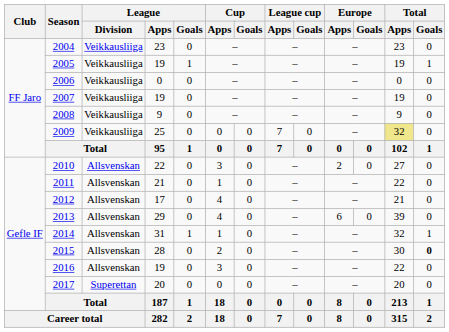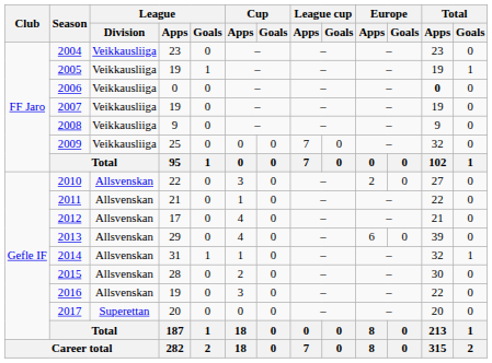 <table class="wikitable" style="text-align:center">
 <tr>
 <th rowspan="2">Club</th>
 <th rowspan="2">Season</th>
 <th colspan="3">League</th>
 <th colspan="2">Cup</th>
 <th colspan="2">League cup</th>
 <th colspan="2">Europe</th>
 <th colspan="2">Total</th>
 </tr>
 <tr>
 <th>Division</th>
 <th>Apps</th>
 <th>Goals</th>
 <th>Apps</th>
 <th>Goals</th>
 <th>Apps</th>
 <th>Goals</th>
 <th>Apps</th>
 <th>Goals</th>
 <th>Apps</th>
 <th>Goals</th>
 </tr>
 <tr>
 <td rowspan="7"><a href='#'>FF Jaro</a></td>
 <td><a href='#'>2004</a></td>
 <td><a href='#'>Veikkausliiga</a></td>
 <td>23</td>
 <td>0</td>
 <td colspan=2>–</td>
 <td colspan=2>–</td>
 <td colspan=2>–</td>
 <td>23</td>
 <td>0</td>
 </tr>
 <tr>
 <td><a href='#'>2005</a></td>
 <td>Veikkausliiga</td>
 <td>19</td>
 <td>1</td>
 <td colspan=2>–</td>
 <td colspan=2>–</td>
 <td colspan=2>–</td>
 <td>19</td>
 <td>1</td>
 </tr>
 <tr>
 <td><a href='#'>2006</a></td>
 <td>Veikkausliiga</td>
 <td>0</td>
 <td>0</td>
 <td colspan=2>–</td>
 <td colspan=2>–</td>
 <td colspan=2>–</td>
-<td>0</td>
+<td><strong>0</strong></td>
 <td>0</td>
 </tr>
 <tr>
 <td><a href='#'>2007</a></td>
 <td>Veikkausliiga</td>
 <td>19</td>
 <td>0</td>
 <td colspan=2>–</td>
 <td colspan=2>–</td>
 <td colspan=2>–</td>
 <td>19</td>
 <td>0</td>
 </tr>
 <tr>
 <td><a href='#'>2008</a></td>
 <td>Veikkausliiga</td>
 <td>9</td>
 <td>0</td>
 <td colspan=2>–</td>
 <td colspan=2>–</td>
 <td colspan=2>–</td>
 <td>9</td>
 <td>0</td>
 </tr>
 <tr>
 <td><a href='#'>2009</a></td>
 <td>Veikkausliiga</td>
 <td>25</td>
 <td>0</td>
 <td>0</td>
 <td>0</td>
 <td>7</td>
 <td>0</td>
 <td colspan=2>–</td>
-<td style="background: khaki;">32</td>
+<td>32</td>
 <td>0</td>
 </tr>
 <tr>
 <th colspan=2>Total</th>
 <th>95</th>
 <th>1</th>
 <th>0</th>
 <th>0</th>
 <th>7</th>
 <th>0</th>
 <th>0</th>
 <th>0</th>
 <th>102</th>
 <th>1</th>
 </tr>
 <tr>
 <td rowspan=9><a href='#'>Gefle IF</a></td>
 <td><a href='#'>2010</a></td>
 <td><a href='#'>Allsvenskan</a></td>
 <td>22</td>
 <td>0</td>
 <td>3</td>
 <td>0</td>
 <td colspan=2>–</td>
 <td>2</td>
 <td>0</td>
 <td>27</td>
 <td>0</td>
 </tr>
 <tr>
 <td><a href='#'>2011</a></td>
 <td>Allsvenskan</td>
 <td>21</td>
 <td>0</td>
 <td>1</td>
 <td>0</td>
 <td colspan=2>–</td>
 <td colspan=2>–</td>
 <td>22</td>
 <td>0</td>
 </tr>
 <tr>
 <td><a href='#'>2012</a></td>
 <td>Allsvenskan</td>
 <td>17</td>
 <td>0</td>
 <td>4</td>
 <td>0</td>
 <td colspan=2>–</td>
 <td colspan=2>–</td>
 <td>21</td>
 <td>0</td>
 </tr>
 <tr>
 <td><a href='#'>2013</a></td>
 <td>Allsvenskan</td>
 <td>29</td>
 <td>0</td>
 <td>4</td>
 <td>0</td>
 <td colspan=2>–</td>
 <td>6</td>
 <td>0</td>
 <td>39</td>
 <td>0</td>
 </tr>
 <tr>
 <td><a href='#'>2014</a></td>
 <td>Allsvenskan</td>
 <td>31</td>
 <td>1</td>
 <td>1</td>
 <td>0</td>
 <td colspan=2>–</td>
 <td colspan=2>–</td>
 <td>32</td>
 <td>1</td>
 </tr>
 <tr>
 <td><a href='#'>2015</a></td>
 <td>Allsvenskan</td>
 <td>28</td>
 <td>0</td>
 <td>2</td>
 <td>0</td>
 <td colspan=2>–</td>
 <td colspan=2>–</td>
 <td>30</td>
-<td><strong>0</strong></td>
+<td>0</td>
 </tr>
 <tr>
 <td><a href='#'>2016</a></td>
 <td>Allsvenskan</td>
 <td>19</td>
 <td>0</td>
 <td>3</td>
 <td>0</td>
 <td colspan=2>–</td>
 <td colspan=2>–</td>
 <td>22</td>
 <td>0</td>
 </tr>
 <tr>
 <td><a href='#'>2017</a></td>
 <td><a href='#'>Superettan</a></td>
 <td>20</td>
 <td>0</td>
 <td>0</td>
 <td>0</td>
 <td colspan=2>–</td>
 <td colspan=2>–</td>
 <td>20</td>
 <td>0</td>
 </tr>
 <tr>
 <th colspan=2>Total</th>
 <th>187</th>
 <th>1</th>
 <th>18</th>
 <th>0</th>
 <th>0</th>
 <th>0</th>
 <th>8</th>
 <th>0</th>
 <th>213</th>
 <th>1</th>
 </tr>
 <tr>
 <th colspan="3">Career total</th>
 <th>282</th>
 <th>2</th>
 <th>18</th>
 <th>0</th>
 <th>7</th>
 <th>0</th>
 <th>8</th>
 <th>0</th>
 <th>315</th>
 <th>2</th>
 </tr>
 </table>
